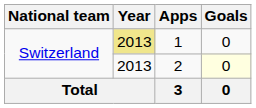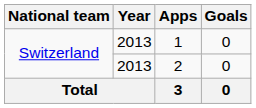 <table class="wikitable" style="text-align:center">
 <tr>
 <th>National team</th>
 <th>Year</th>
 <th>Apps</th>
 <th>Goals</th>
 </tr>
 <tr>
 <td rowspan="2"><a href='#'>Switzerland</a></td>
-<td style="background: khaki;">2013</td>
+<td>2013</td>
 <td>1</td>
 <td>0</td>
 </tr>
 <tr>
 <td>2013</td>
 <td>2</td>
-<td style="background: lightyellow;">0</td>
+<td>0</td>
 </tr>
 <tr>
 <th colspan="2">Total</th>
 <th>3</th>
 <th>0</th>
 </tr>
 </table>
